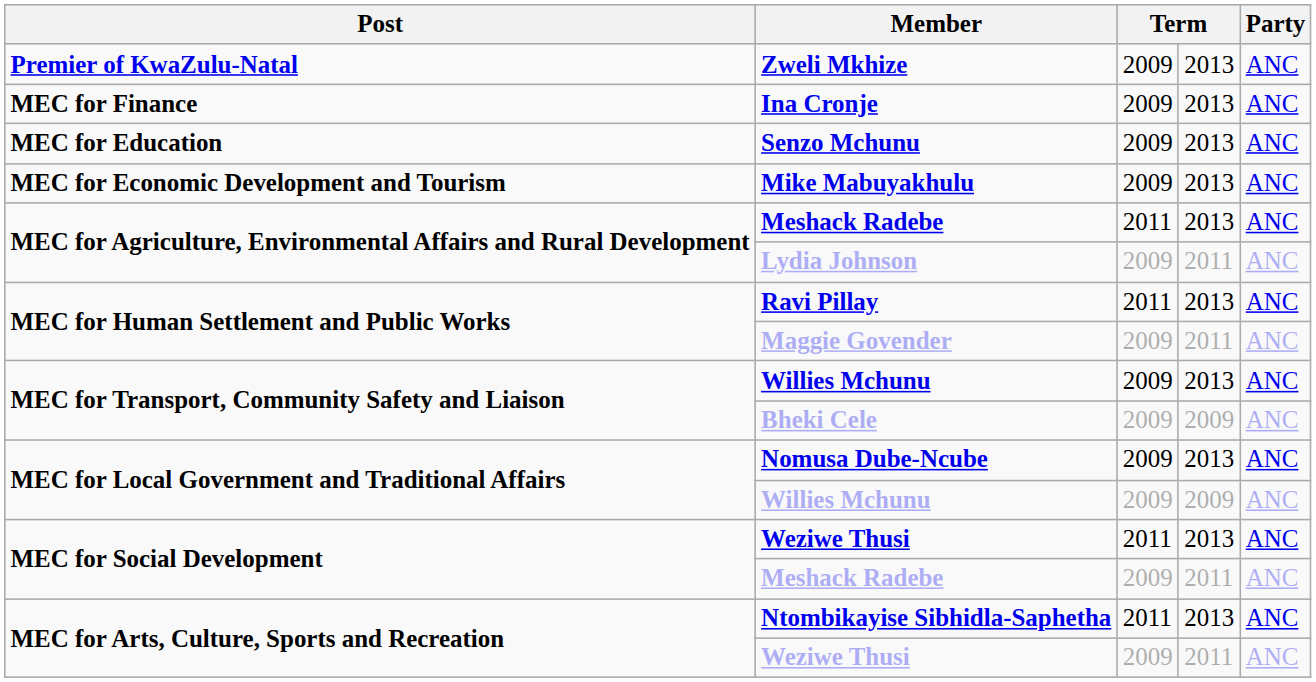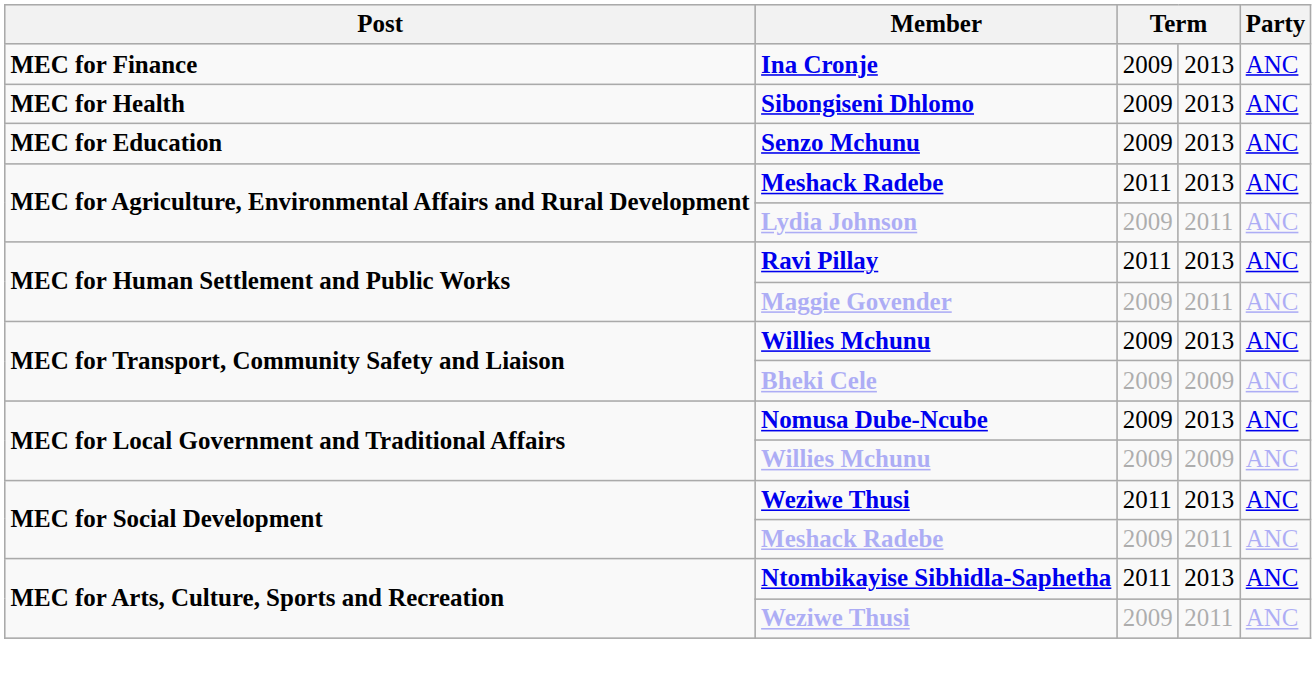 <table class="wikitable">
 <tr>
 <th>Post</th>
 <th>Member</th>
 <th colspan="2">Term</th>
 <th>Party</th>
-</tr>
-<tr>
-<td><strong><a href='#'>Premier of KwaZulu-Natal</a></strong></td>
-<td><strong><a href='#'>Zweli Mkhize</a></strong></td>
-<td>2009</td>
-<td>2013</td>
-<td><a href='#'>ANC</a></td>
 </tr>
 <tr>
 <td><strong>MEC for Finance</strong></td>
 <td><strong><a href='#'>Ina Cronje</a></strong></td>
 <td>2009</td>
 <td>2013</td>
 <td><a href='#'>ANC</a></td>
 </tr>
 <tr>
-<td><strong>MEC for Education</strong></td>
-<td><strong><a href='#'>Senzo Mchunu</a></strong></td>
+<td><strong>MEC for Health</strong></td>
+<td><strong><a href='#'>Sibongiseni Dhlomo</a></strong></td>
 <td>2009</td>
 <td>2013</td>
 <td><a href='#'>ANC</a></td>
 </tr>
 <tr>
-<td><strong>MEC for Economic Development and Tourism</strong></td>
-<td><strong><a href='#'>Mike Mabuyakhulu</a></strong></td>
+<td><strong>MEC for Education</strong></td>
+<td><strong><a href='#'>Senzo Mchunu</a></strong></td>
 <td>2009</td>
 <td>2013</td>
 <td><a href='#'>ANC</a></td>
 </tr>
 <tr>
 <td rowspan="2"><strong>MEC for Agriculture, Environmental Affairs and Rural Development</strong></td>
 <td><strong><a href='#'>Meshack Radebe</a></strong></td>
 <td>2011</td>
 <td>2013</td>
 <td><a href='#'>ANC</a></td>
 </tr>
 <tr style="opacity:.3;">
 <td><strong><a href='#'>Lydia Johnson</a></strong></td>
 <td>2009</td>
 <td>2011</td>
 <td><a href='#'>ANC</a></td>
 </tr>
 <tr>
 <td rowspan="2"><strong>MEC for Human Settlement and Public Works</strong></td>
 <td><strong><a href='#'>Ravi Pillay</a></strong></td>
 <td>2011</td>
 <td>2013</td>
 <td><a href='#'>ANC</a></td>
 </tr>
 <tr style="opacity:.3;">
 <td><strong><a href='#'>Maggie Govender</a></strong></td>
 <td>2009</td>
 <td>2011</td>
 <td><a href='#'>ANC</a></td>
 </tr>
 <tr>
 <td rowspan="2"><strong>MEC for Transport, Community Safety and Liaison</strong></td>
 <td><strong><a href='#'>Willies Mchunu</a></strong></td>
 <td>2009</td>
 <td>2013</td>
 <td><a href='#'>ANC</a></td>
 </tr>
 <tr style="opacity:.3;">
 <td><strong><a href='#'>Bheki Cele</a></strong></td>
 <td>2009</td>
 <td>2009</td>
 <td><a href='#'>ANC</a></td>
 </tr>
 <tr>
 <td rowspan="2"><strong>MEC for Local Government and Traditional Affairs</strong></td>
 <td><strong><a href='#'>Nomusa Dube-Ncube</a></strong></td>
 <td>2009</td>
 <td>2013</td>
 <td><a href='#'>ANC</a></td>
 </tr>
 <tr style="opacity:.3;">
 <td><strong><a href='#'>Willies Mchunu</a></strong></td>
 <td>2009</td>
 <td>2009</td>
 <td><a href='#'>ANC</a></td>
 </tr>
 <tr>
 <td rowspan="2"><strong>MEC for Social Development</strong></td>
 <td><strong><a href='#'>Weziwe Thusi</a></strong></td>
 <td>2011</td>
 <td>2013</td>
 <td><a href='#'>ANC</a></td>
 </tr>
 <tr style="opacity:.3;">
 <td><strong><a href='#'>Meshack Radebe</a></strong></td>
 <td>2009</td>
 <td>2011</td>
 <td><a href='#'>ANC</a></td>
 </tr>
 <tr>
 <td rowspan="2"><strong>MEC for Arts, Culture, Sports and Recreation</strong></td>
 <td><strong><a href='#'>Ntombikayise Sibhidla-Saphetha</a></strong></td>
 <td>2011</td>
 <td>2013</td>
 <td><a href='#'>ANC</a></td>
 </tr>
 <tr style="opacity:.3;">
 <td><strong><a href='#'>Weziwe Thusi</a></strong></td>
 <td>2009</td>
 <td>2011</td>
 <td><a href='#'>ANC</a></td>
 </tr>
 </table>
